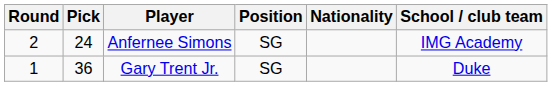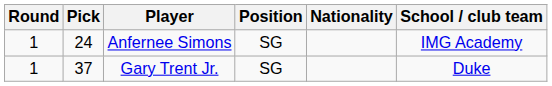 <table class="wikitable sortable sortable">
 <tr>
 <th>Round</th>
 <th>Pick</th>
 <th>Player</th>
 <th>Position</th>
 <th>Nationality</th>
 <th>School / club team</th>
 </tr>
 <tr style="text-align: center">
-<td>2</td>
+<td>1</td>
 <td>24</td>
 <td><a href='#'>Anfernee Simons</a></td>
 <td>SG</td>
 <td></td>
 <td><a href='#'>IMG Academy</a></td>
 </tr>
 <tr style="text-align: center">
 <td>1</td>
-<td>36</td>
+<td>37</td>
 <td><a href='#'>Gary Trent Jr.</a></td>
 <td>SG</td>
 <td></td>
 <td><a href='#'>Duke</a></td>
 </tr>
 </table>
